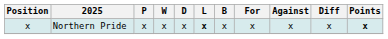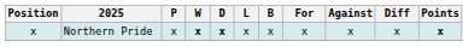 <table class="wikitable" style="text-align:center; font-size:85%;">
 <tr style="background: #d7ebed;">
 <th width="40" abbr="Position">Position</th>
 <th width="100">2025</th>
 <th width="20" abbr="Played">P</th>
 <th width="20" abbr="Won">W</th>
 <th width="20" abbr="Drawn">D</th>
 <th width="20" abbr="Lost">L</th>
 <th width="20" abbr="Bye">B</th>
 <th width="40" abbr="Points for">For</th>
 <th width="40" abbr="Points against">Against</th>
 <th width="40" abbr="Points difference">Diff</th>
 <th width="40" abbr="Points">Points</th>
 </tr>
 <tr style="background: #d7ebed;">
 <td>x</td>
 <td style="text-align:left;"> Northern Pride</td>
 <td>x</td>
+<td><strong>x</strong></td>
+<td><strong>x</strong></td>
 <td>x</td>
-<td>x</td>
-<td><strong>x</strong></td>
 <td>x</td>
 <td>x</td>
 <td>x</td>
 <td>x</td>
 <td><strong>x</strong></td>
 </tr>
 <tr>
 </tr>
 </table>
